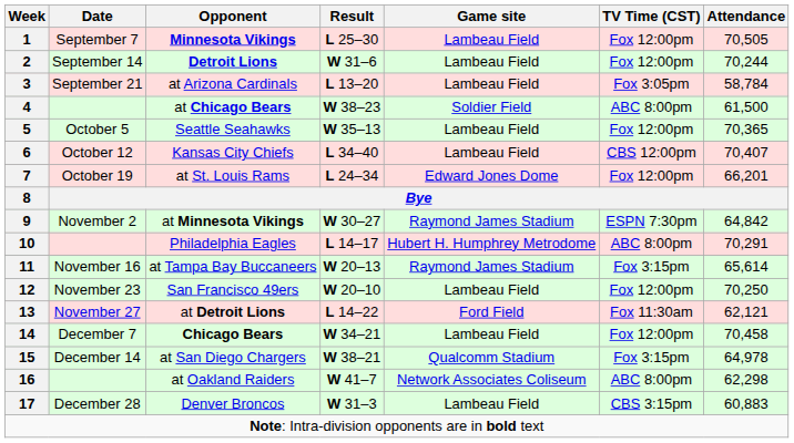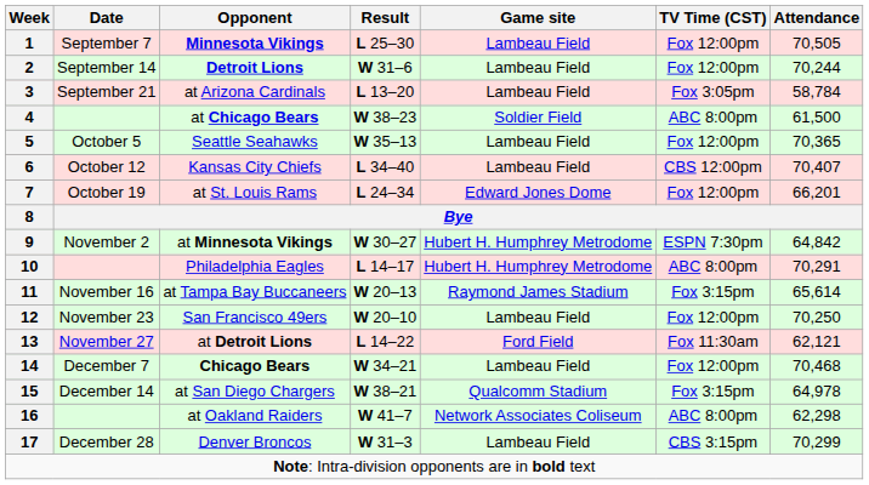 <table class="wikitable" style="text-align:center;">
 <tr>
 <th>Week</th>
 <th>Date</th>
 <th>Opponent</th>
 <th>Result</th>
 <th>Game site</th>
 <th>TV Time (CST)</th>
 <th>Attendance</th>
 </tr>
 <tr style="background:#fdd;">
 <th>1</th>
 <td>September 7</td>
 <td><strong><a href='#'>Minnesota Vikings</a></strong></td>
 <td><strong>L</strong> 25–30</td>
 <td><a href='#'>Lambeau Field</a></td>
 <td><a href='#'>Fox</a> 12:00pm</td>
 <td>70,505</td>
 </tr>
 <tr style="background:#dfd;">
 <th>2</th>
 <td>September 14</td>
 <td><strong><a href='#'>Detroit Lions</a></strong></td>
 <td><strong>W</strong> 31–6</td>
 <td>Lambeau Field</td>
 <td><a href='#'>Fox</a> 12:00pm</td>
 <td>70,244</td>
 </tr>
 <tr style="background:#fdd;">
 <th>3</th>
 <td>September 21</td>
 <td>at <a href='#'>Arizona Cardinals</a></td>
 <td><strong>L</strong> 13–20</td>
 <td>Lambeau Field</td>
 <td><a href='#'>Fox</a> 3:05pm</td>
 <td>58,784</td>
 </tr>
 <tr style="background:#dfd;">
 <th>4</th>
 <td></td>
 <td>at <strong><a href='#'>Chicago Bears</a></strong></td>
 <td><strong>W</strong> 38–23</td>
 <td><a href='#'>Soldier Field</a></td>
 <td><a href='#'>ABC</a> 8:00pm</td>
 <td>61,500</td>
 </tr>
 <tr style="background:#dfd;">
 <th>5</th>
 <td>October 5</td>
 <td><a href='#'>Seattle Seahawks</a></td>
 <td><strong>W</strong> 35–13</td>
 <td>Lambeau Field</td>
 <td><a href='#'>Fox</a> 12:00pm</td>
 <td>70,365</td>
 </tr>
 <tr style="background:#fdd;">
 <th>6</th>
 <td>October 12</td>
 <td><a href='#'>Kansas City Chiefs</a></td>
 <td><strong>L</strong> 34–40 </td>
 <td>Lambeau Field</td>
 <td><a href='#'>CBS</a> 12:00pm</td>
 <td>70,407</td>
 </tr>
 <tr style="background:#fdd;">
 <th>7</th>
 <td>October 19</td>
 <td>at <a href='#'>St. Louis Rams</a></td>
 <td><strong>L</strong> 24–34</td>
 <td><a href='#'>Edward Jones Dome</a></td>
 <td><a href='#'>Fox</a> 12:00pm</td>
 <td>66,201</td>
 </tr>
 <tr>
 <th>8</th>
 <th colspan="6"><em><a href='#'>Bye</a></em></th>
 </tr>
 <tr style="background:#dfd;">
 <th>9</th>
 <td>November 2</td>
 <td>at <strong>Minnesota Vikings</strong></td>
 <td><strong>W</strong> 30–27</td>
-<td><a href='#'>Raymond James Stadium</a></td>
+<td><a href='#'>Hubert H. Humphrey Metrodome</a></td>
 <td><a href='#'>ESPN</a> 7:30pm</td>
 <td>64,842</td>
 </tr>
 <tr style="background:#fdd;">
 <th>10</th>
 <td></td>
 <td><a href='#'>Philadelphia Eagles</a></td>
 <td><strong>L</strong> 14–17</td>
 <td><a href='#'>Hubert H. Humphrey Metrodome</a></td>
 <td><a href='#'>ABC</a> 8:00pm</td>
 <td>70,291</td>
 </tr>
 <tr style="background:#dfd;">
 <th>11</th>
 <td>November 16</td>
 <td>at <a href='#'>Tampa Bay Buccaneers</a></td>
 <td><strong>W</strong> 20–13</td>
 <td><a href='#'>Raymond James Stadium</a></td>
 <td><a href='#'>Fox</a> 3:15pm</td>
 <td>65,614</td>
 </tr>
 <tr style="background:#dfd;">
 <th>12</th>
 <td>November 23</td>
 <td><a href='#'>San Francisco 49ers</a></td>
 <td><strong>W</strong> 20–10</td>
 <td>Lambeau Field</td>
 <td><a href='#'>Fox</a> 12:00pm</td>
 <td>70,250</td>
 </tr>
 <tr style="background:#fdd;">
 <th>13</th>
 <td><a href='#'>November 27</a></td>
 <td>at <strong>Detroit Lions</strong></td>
 <td><strong>L</strong> 14–22</td>
 <td><a href='#'>Ford Field</a></td>
 <td><a href='#'>Fox</a> 11:30am</td>
 <td>62,121</td>
 </tr>
 <tr style="background:#dfd;">
 <th>14</th>
 <td>December 7</td>
 <td><strong>Chicago Bears</strong></td>
 <td><strong>W</strong> 34–21</td>
 <td>Lambeau Field</td>
 <td><a href='#'>Fox</a> 12:00pm</td>
-<td>70,458</td>
+<td>70,468</td>
 </tr>
 <tr style="background:#dfd;">
 <th>15</th>
 <td>December 14</td>
 <td>at <a href='#'>San Diego Chargers</a></td>
 <td><strong>W</strong> 38–21</td>
 <td><a href='#'>Qualcomm Stadium</a></td>
 <td><a href='#'>Fox</a> 3:15pm</td>
 <td>64,978</td>
 </tr>
 <tr style="background:#dfd;">
 <th>16</th>
 <td></td>
 <td>at <a href='#'>Oakland Raiders</a></td>
 <td><strong>W</strong> 41–7</td>
 <td><a href='#'>Network Associates Coliseum</a></td>
 <td><a href='#'>ABC</a> 8:00pm</td>
 <td>62,298</td>
 </tr>
 <tr style="background:#dfd;">
 <th>17</th>
 <td>December 28</td>
 <td><a href='#'>Denver Broncos</a></td>
 <td><strong>W</strong> 31–3</td>
 <td>Lambeau Field</td>
 <td><a href='#'>CBS</a> 3:15pm</td>
-<td>60,883</td>
+<td>70,299</td>
 </tr>
 <tr>
 <td colspan="7"><strong>Note</strong>: Intra-division opponents are in <strong>bold</strong> text</td>
 </tr>
 </table>
